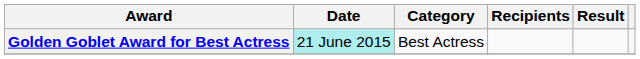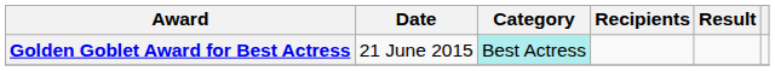 <table class="wikitable plainrowheaders sortable">
 <tr style="background:#ccc; text-align:center;">
 <th scope="col">Award</th>
 <th scope="col">Date</th>
 <th scope="col">Category</th>
 <th scope="col">Recipients</th>
 <th scope="col">Result</th>
 <th scope="col" class="unsortable"></th>
 </tr>
 <tr>
 <th scope="row"><a href='#'>Golden Goblet Award for Best Actress</a></th>
-<td style="background: paleturquoise;">21 June 2015</td>
-<td>Best Actress</td>
+<td>21 June 2015</td>
+<td style="background: paleturquoise;">Best Actress</td>
 <td></td>
 <td></td>
 <td style="text-align:center;"></td>
 </tr>
 <tr>
 </tr>
 </table>
